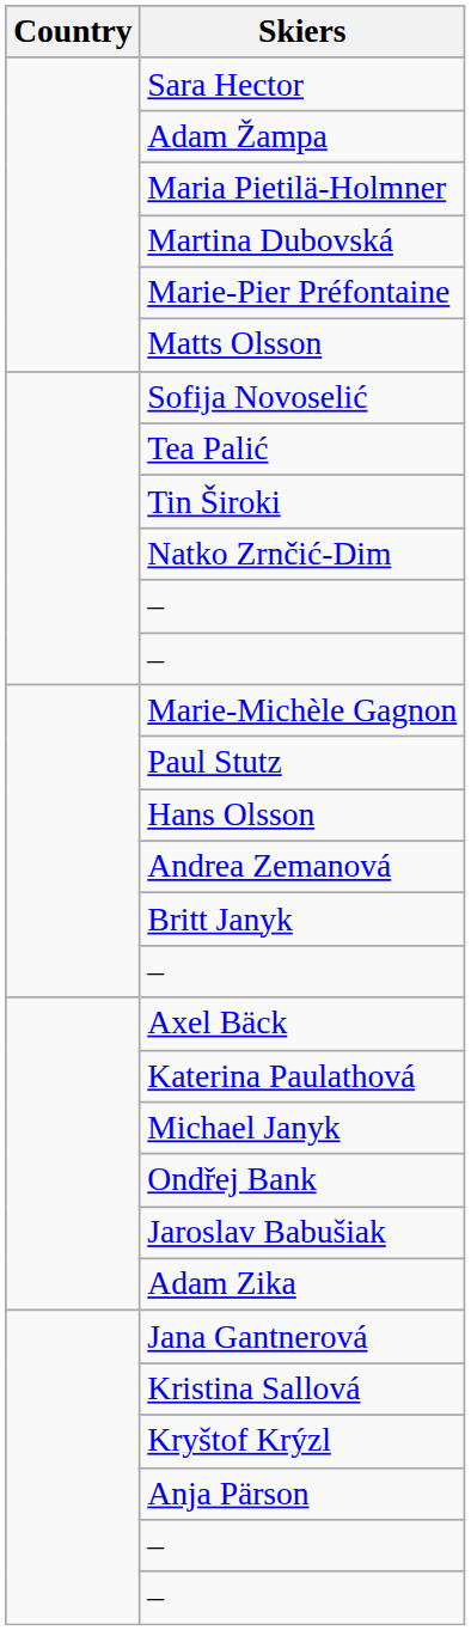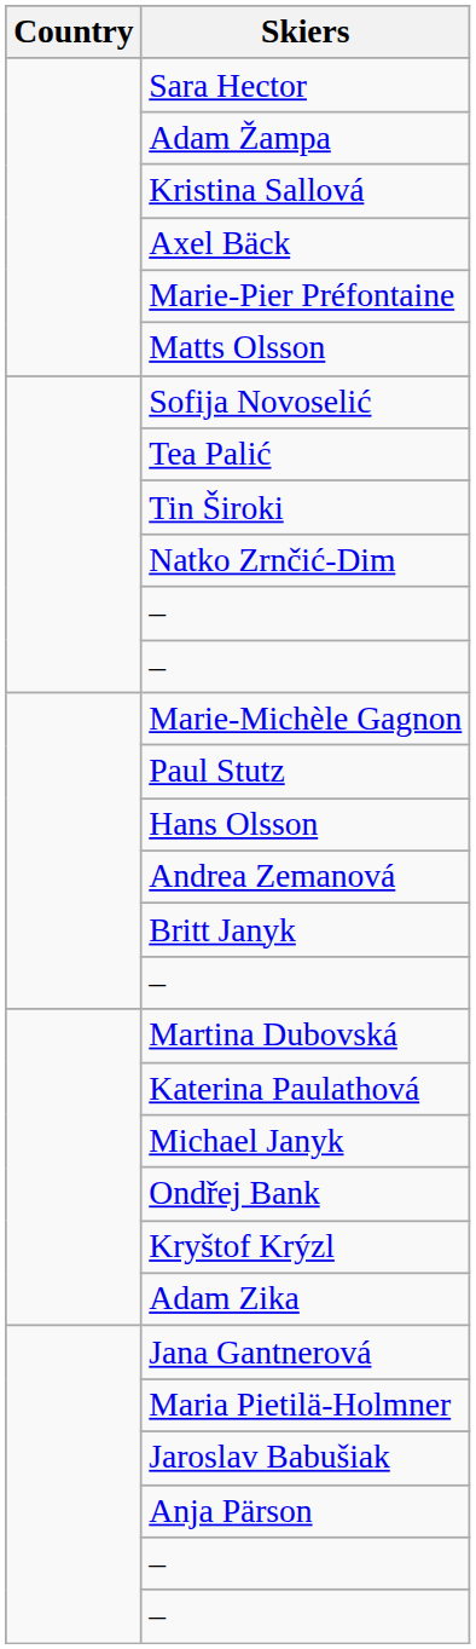 <table class="wikitable">
 <tr>
 <th>Country</th>
 <th>Skiers</th>
 </tr>
 <tr>
 <td rowspan=6></td>
 <td><a href='#'>Sara Hector</a></td>
 </tr>
 <tr>
 <td><a href='#'>Adam Žampa</a></td>
 </tr>
 <tr>
-<td><a href='#'>Maria Pietilä-Holmner</a></td>
+<td><a href='#'>Kristina Sallová</a></td>
 </tr>
 <tr>
-<td><a href='#'>Martina Dubovská</a></td>
+<td><a href='#'>Axel Bäck</a></td>
 </tr>
 <tr>
 <td><a href='#'>Marie-Pier Préfontaine</a></td>
 </tr>
 <tr>
 <td><a href='#'>Matts Olsson</a></td>
 </tr>
 <tr>
 <td rowspan=6></td>
 <td><a href='#'>Sofija Novoselić</a></td>
 </tr>
 <tr>
 <td><a href='#'>Tea Palić</a></td>
 </tr>
 <tr>
 <td><a href='#'>Tin Široki</a></td>
 </tr>
 <tr>
 <td><a href='#'>Natko Zrnčić-Dim</a></td>
 </tr>
 <tr>
 <td>–</td>
 </tr>
 <tr>
 <td>–</td>
 </tr>
 <tr>
 <td rowspan=6></td>
 <td><a href='#'>Marie-Michèle Gagnon</a></td>
 </tr>
 <tr>
 <td><a href='#'>Paul Stutz</a></td>
 </tr>
 <tr>
 <td><a href='#'>Hans Olsson</a></td>
 </tr>
 <tr>
 <td><a href='#'>Andrea Zemanová</a></td>
 </tr>
 <tr>
 <td><a href='#'>Britt Janyk</a></td>
 </tr>
 <tr>
 <td>–</td>
 </tr>
 <tr>
 <td rowspan=6></td>
-<td><a href='#'>Axel Bäck</a></td>
+<td><a href='#'>Martina Dubovská</a></td>
 </tr>
 <tr>
 <td><a href='#'>Katerina Paulathová</a></td>
 </tr>
 <tr>
 <td><a href='#'>Michael Janyk</a></td>
 </tr>
 <tr>
 <td><a href='#'>Ondřej Bank</a></td>
 </tr>
 <tr>
-<td><a href='#'>Jaroslav Babušiak</a></td>
+<td><a href='#'>Kryštof Krýzl</a></td>
 </tr>
 <tr>
 <td><a href='#'>Adam Zika</a></td>
 </tr>
 <tr>
 <td rowspan=6></td>
 <td><a href='#'>Jana Gantnerová</a></td>
 </tr>
 <tr>
-<td><a href='#'>Kristina Sallová</a></td>
+<td><a href='#'>Maria Pietilä-Holmner</a></td>
 </tr>
 <tr>
-<td><a href='#'>Kryštof Krýzl</a></td>
+<td><a href='#'>Jaroslav Babušiak</a></td>
 </tr>
 <tr>
 <td><a href='#'>Anja Pärson</a></td>
 </tr>
 <tr>
 <td>–</td>
 </tr>
 <tr>
 <td>–</td>
 </tr>
 </table>
